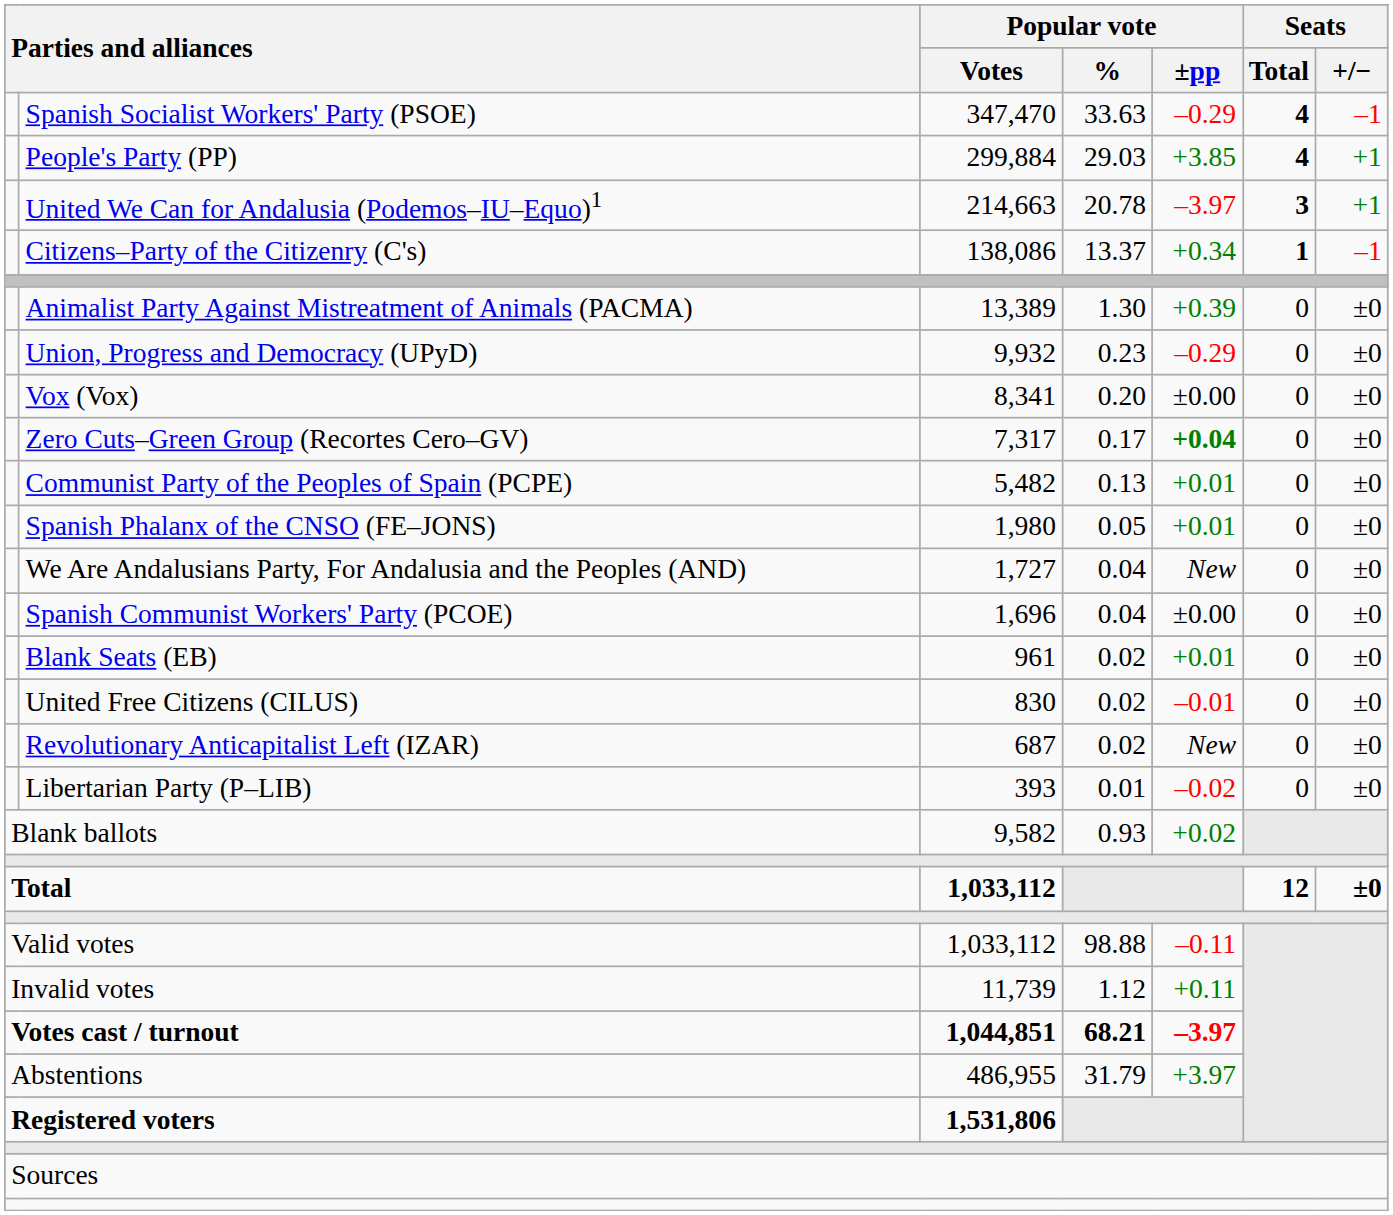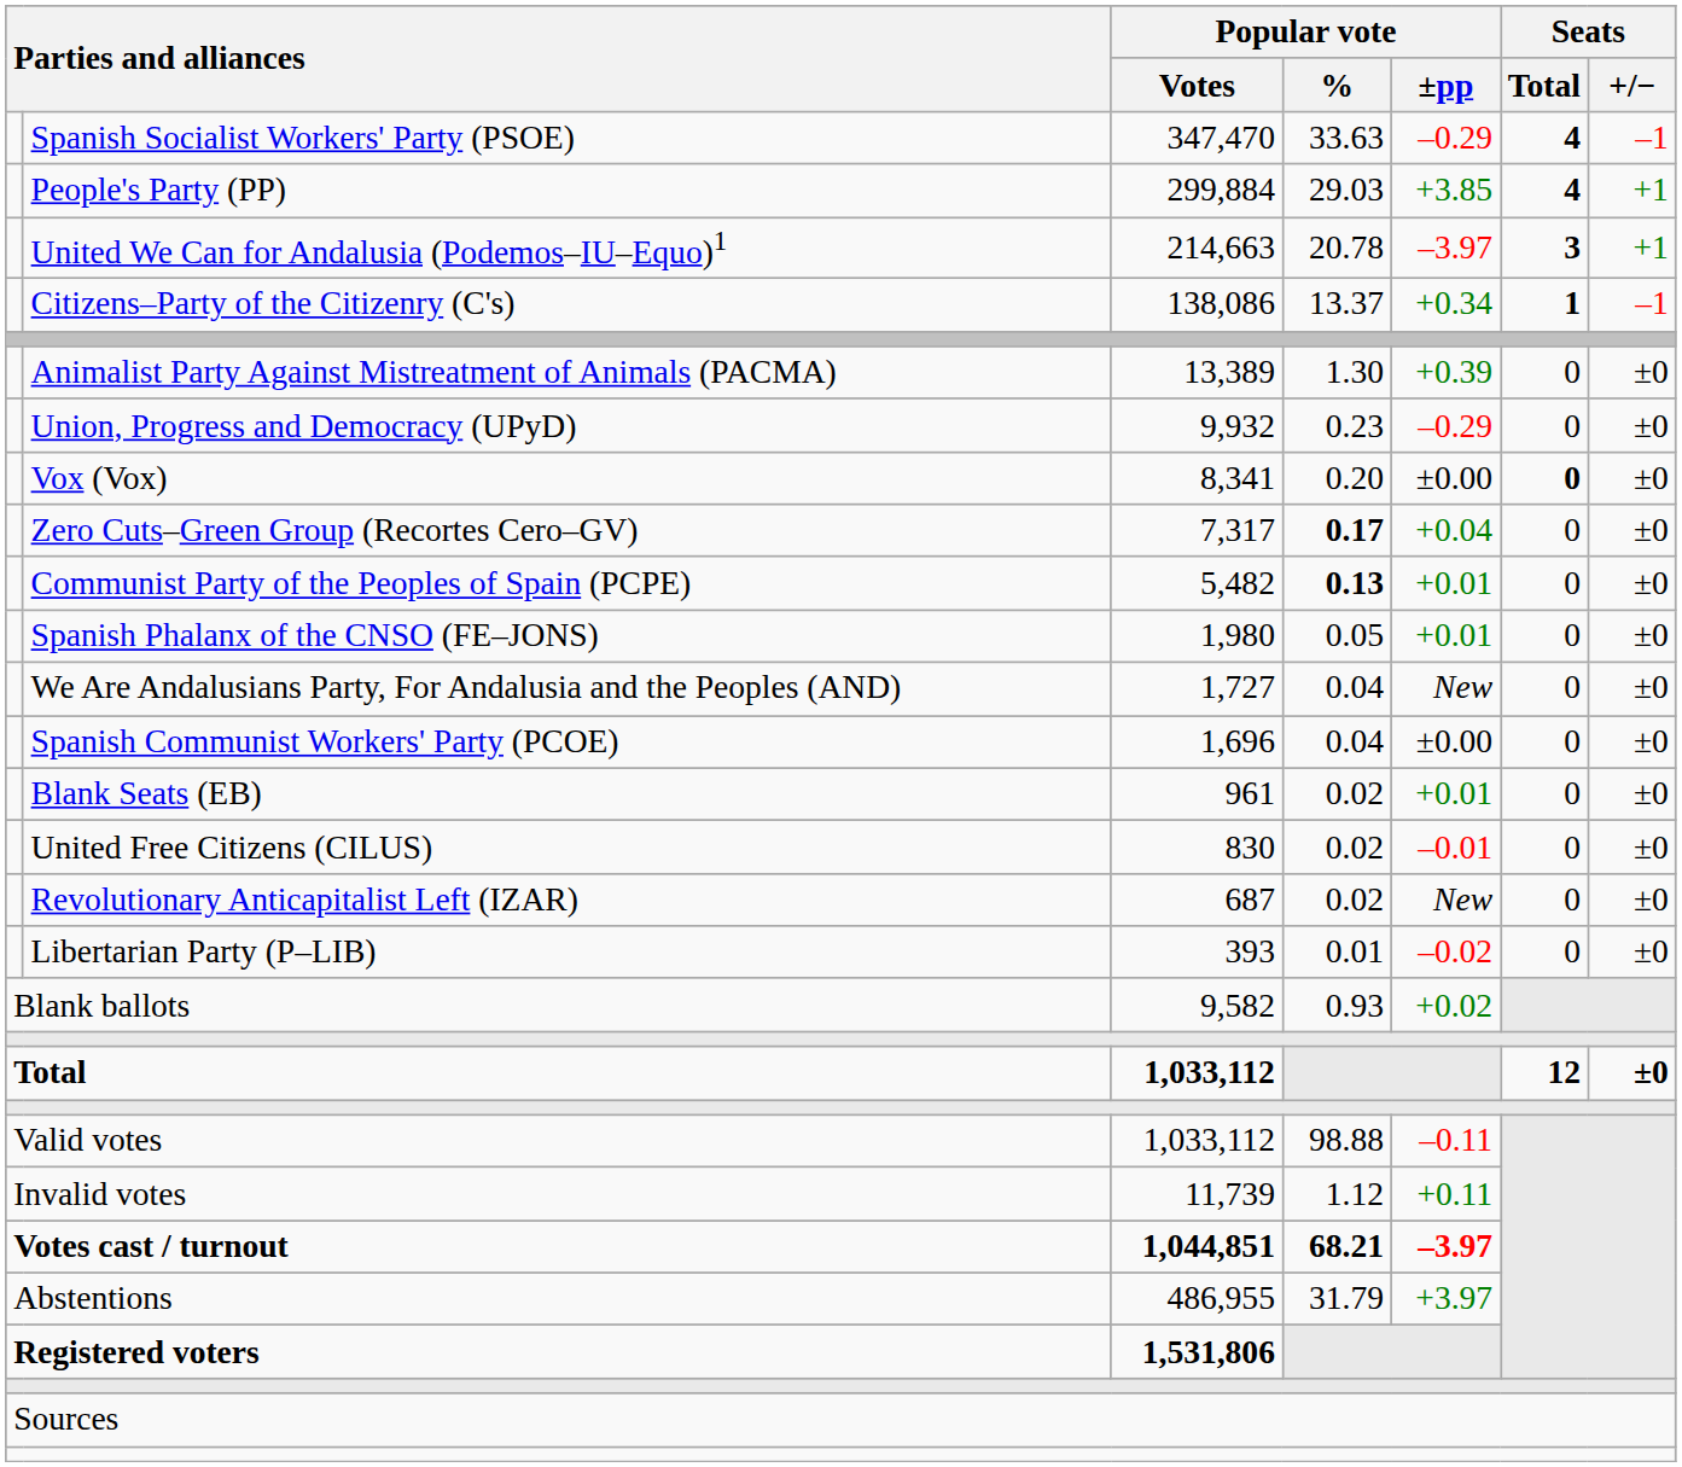 <table class="wikitable" style="text-align:right;">
 <tr>
 <th style="text-align:left;" rowspan="2" colspan="2" width="525">Parties and alliances</th>
 <th colspan="3">Popular vote</th>
 <th colspan="2">Seats</th>
 </tr>
 <tr>
 <th width="75">Votes</th>
 <th width="45">%</th>
 <th width="45">±<a href='#'>pp</a></th>
 <th width="35">Total</th>
 <th width="35">+/−</th>
 </tr>
 <tr>
 <td width="1" style="color:inherit;background:"></td>
 <td align="left"><a href='#'>Spanish Socialist Workers' Party</a> (PSOE)</td>
 <td>347,470</td>
 <td>33.63</td>
 <td style="color:red;">–0.29</td>
 <td><strong>4</strong></td>
 <td style="color:red;">–1</td>
 </tr>
 <tr>
 <td style="color:inherit;background:"></td>
 <td align="left"><a href='#'>People's Party</a> (PP)</td>
 <td>299,884</td>
 <td>29.03</td>
 <td style="color:green;">+3.85</td>
 <td><strong>4</strong></td>
 <td style="color:green;">+1</td>
 </tr>
 <tr>
 <td style="color:inherit;background:"></td>
 <td align="left"><a href='#'>United We Can for Andalusia</a> (<a href='#'>Podemos</a>–<a href='#'>IU</a>–<a href='#'>Equo</a>)<sup>1</sup></td>
 <td>214,663</td>
 <td>20.78</td>
 <td style="color:red;">–3.97</td>
 <td><strong>3</strong></td>
 <td style="color:green;">+1</td>
 </tr>
 <tr>
 <td style="color:inherit;background:"></td>
 <td align="left"><a href='#'>Citizens–Party of the Citizenry</a> (C's)</td>
 <td>138,086</td>
 <td>13.37</td>
 <td style="color:green;">+0.34</td>
 <td><strong>1</strong></td>
 <td style="color:red;">–1</td>
 </tr>
 <tr>
 <td colspan="7" bgcolor="#C0C0C0"></td>
 </tr>
 <tr>
 <td style="color:inherit;background:"></td>
 <td align="left"><a href='#'>Animalist Party Against Mistreatment of Animals</a> (PACMA)</td>
 <td>13,389</td>
 <td>1.30</td>
 <td style="color:green;">+0.39</td>
 <td>0</td>
 <td>±0</td>
 </tr>
 <tr>
 <td style="color:inherit;background:"></td>
 <td align="left"><a href='#'>Union, Progress and Democracy</a> (UPyD)</td>
 <td>9,932</td>
 <td>0.23</td>
 <td style="color:red;">–0.29</td>
 <td>0</td>
 <td>±0</td>
 </tr>
 <tr>
 <td style="color:inherit;background:"></td>
 <td align="left"><a href='#'>Vox</a> (Vox)</td>
 <td>8,341</td>
 <td>0.20</td>
 <td>±0.00</td>
-<td>0</td>
+<td><strong>0</strong></td>
 <td>±0</td>
 </tr>
 <tr>
 <td style="color:inherit;background:"></td>
 <td align="left"><a href='#'>Zero Cuts</a>–<a href='#'>Green Group</a> (Recortes Cero–GV)</td>
 <td>7,317</td>
-<td>0.17</td>
-<td style="color:green;"><strong>+0.04</strong></td>
+<td><strong>0.17</strong></td>
+<td style="color:green;">+0.04</td>
 <td>0</td>
 <td>±0</td>
 </tr>
 <tr>
 <td style="color:inherit;background:"></td>
 <td align="left"><a href='#'>Communist Party of the Peoples of Spain</a> (PCPE)</td>
 <td>5,482</td>
-<td>0.13</td>
+<td><strong>0.13</strong></td>
 <td style="color:green;">+0.01</td>
 <td>0</td>
 <td>±0</td>
 </tr>
 <tr>
 <td style="color:inherit;background:"></td>
 <td align="left"><a href='#'>Spanish Phalanx of the CNSO</a> (FE–JONS)</td>
 <td>1,980</td>
 <td>0.05</td>
 <td style="color:green;">+0.01</td>
 <td>0</td>
 <td>±0</td>
 </tr>
 <tr>
 <td style="color:inherit;background:"></td>
 <td align="left">We Are Andalusians Party, For Andalusia and the Peoples (AND)</td>
 <td>1,727</td>
 <td>0.04</td>
 <td><em>New</em></td>
 <td>0</td>
 <td>±0</td>
 </tr>
 <tr>
 <td style="color:inherit;background:"></td>
 <td align="left"><a href='#'>Spanish Communist Workers' Party</a> (PCOE)</td>
 <td>1,696</td>
 <td>0.04</td>
 <td>±0.00</td>
 <td>0</td>
 <td>±0</td>
 </tr>
 <tr>
 <td style="color:inherit;background:"></td>
 <td align="left"><a href='#'>Blank Seats</a> (EB)</td>
 <td>961</td>
 <td>0.02</td>
 <td style="color:green;">+0.01</td>
 <td>0</td>
 <td>±0</td>
 </tr>
 <tr>
 <td style="color:inherit;background:"></td>
 <td align="left">United Free Citizens (CILUS)</td>
 <td>830</td>
 <td>0.02</td>
 <td style="color:red;">–0.01</td>
 <td>0</td>
 <td>±0</td>
 </tr>
 <tr>
 <td style="color:inherit;background:"></td>
 <td align="left"><a href='#'>Revolutionary Anticapitalist Left</a> (IZAR)</td>
 <td>687</td>
 <td>0.02</td>
 <td><em>New</em></td>
 <td>0</td>
 <td>±0</td>
 </tr>
 <tr>
 <td style="color:inherit;background:"></td>
 <td align="left">Libertarian Party (P–LIB)</td>
 <td>393</td>
 <td>0.01</td>
 <td style="color:red;">–0.02</td>
 <td>0</td>
 <td>±0</td>
 </tr>
 <tr>
 <td align="left" colspan="2">Blank ballots</td>
 <td>9,582</td>
 <td>0.93</td>
 <td style="color:green;">+0.02</td>
 <td bgcolor="#E9E9E9" colspan="2"></td>
 </tr>
 <tr>
 <td colspan="7" bgcolor="#E9E9E9"></td>
 </tr>
 <tr style="font-weight:bold;">
 <td align="left" colspan="2">Total</td>
 <td>1,033,112</td>
 <td bgcolor="#E9E9E9" colspan="2"></td>
 <td>12</td>
 <td>±0</td>
 </tr>
 <tr>
 <td colspan="7" bgcolor="#E9E9E9"></td>
 </tr>
 <tr>
 <td align="left" colspan="2">Valid votes</td>
 <td>1,033,112</td>
 <td>98.88</td>
 <td style="color:red;">–0.11</td>
 <td bgcolor="#E9E9E9" colspan="2" rowspan="5"></td>
 </tr>
 <tr>
 <td align="left" colspan="2">Invalid votes</td>
 <td>11,739</td>
 <td>1.12</td>
 <td style="color:green;">+0.11</td>
 </tr>
 <tr style="font-weight:bold;">
 <td align="left" colspan="2">Votes cast / turnout</td>
 <td>1,044,851</td>
 <td>68.21</td>
 <td style="color:red;">–3.97</td>
 </tr>
 <tr>
 <td align="left" colspan="2">Abstentions</td>
 <td>486,955</td>
 <td>31.79</td>
 <td style="color:green;">+3.97</td>
 </tr>
 <tr style="font-weight:bold;">
 <td align="left" colspan="2">Registered voters</td>
 <td>1,531,806</td>
 <td bgcolor="#E9E9E9" colspan="2"></td>
 </tr>
 <tr>
 <td colspan="7" bgcolor="#E9E9E9"></td>
 </tr>
 <tr>
 <td align="left" colspan="7">Sources</td>
 </tr>
 <tr>
 <td colspan="7" style="text-align:left; max-width:790px;"></td>
 </tr>
 </table>
